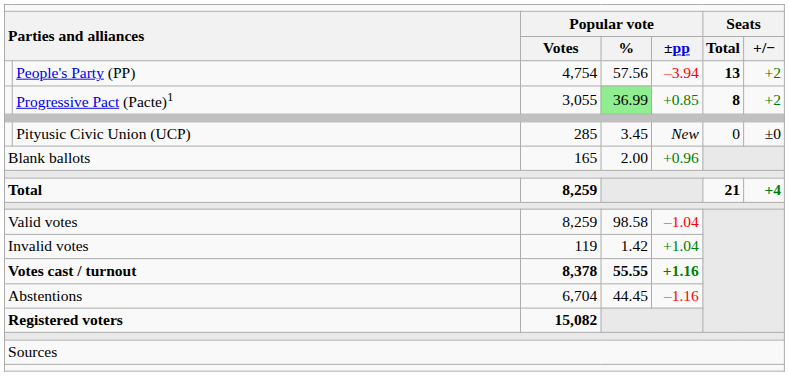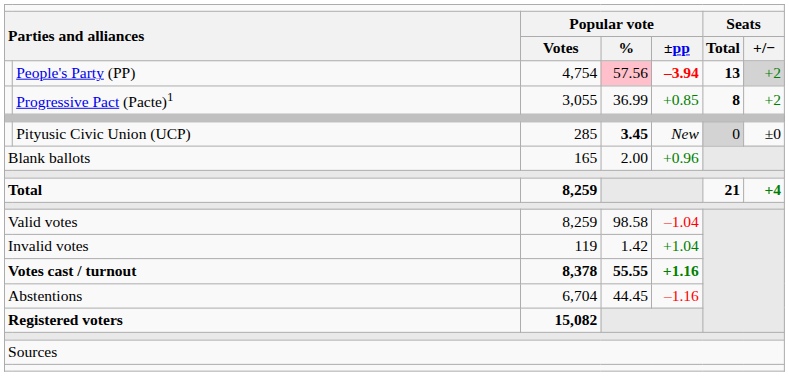 <table class="wikitable" style="text-align:right;">
 <tr>
 <td colspan="7"></td>
 </tr>
 <tr>
 <th style="text-align:left;" rowspan="2" colspan="2" width="525">Parties and alliances</th>
 <th colspan="3">Popular vote</th>
 <th colspan="2">Seats</th>
 </tr>
 <tr>
 <th width="75">Votes</th>
 <th width="45">%</th>
 <th width="45">±<a href='#'>pp</a></th>
 <th width="35">Total</th>
 <th width="35">+/−</th>
 </tr>
 <tr>
 <td width="1" style="color:inherit;background:"></td>
 <td align="left"><a href='#'>People's Party</a> (PP)</td>
 <td>4,754</td>
-<td>57.56</td>
-<td style="color:red;">–3.94</td>
+<td style="background: pink;">57.56</td>
+<td style="color:red;"><strong>–3.94</strong></td>
 <td><strong>13</strong></td>
-<td style="color:green;">+2</td>
+<td style="background: lightgrey; color:green;">+2</td>
 </tr>
 <tr>
 <td style="color:inherit;background:"></td>
 <td align="left"><a href='#'>Progressive Pact</a> (Pacte)<sup>1</sup></td>
 <td>3,055</td>
-<td style="background: lightgreen;">36.99</td>
+<td>36.99</td>
 <td style="color:green;">+0.85</td>
 <td><strong>8</strong></td>
 <td style="color:green;">+2</td>
 </tr>
 <tr>
 <td colspan="7" bgcolor="#C0C0C0"></td>
 </tr>
 <tr>
 <td style="color:inherit;background:"></td>
 <td align="left">Pityusic Civic Union (UCP)</td>
 <td>285</td>
-<td>3.45</td>
+<td><strong>3.45</strong></td>
 <td><em>New</em></td>
-<td>0</td>
+<td style="background: lightgrey;">0</td>
 <td>±0</td>
 </tr>
 <tr>
 <td align="left" colspan="2">Blank ballots</td>
 <td>165</td>
 <td>2.00</td>
 <td style="color:green;">+0.96</td>
 <td bgcolor="#E9E9E9" colspan="2"></td>
 </tr>
 <tr>
 <td colspan="7" bgcolor="#E9E9E9"></td>
 </tr>
 <tr style="font-weight:bold;">
 <td align="left" colspan="2">Total</td>
 <td>8,259</td>
 <td bgcolor="#E9E9E9" colspan="2"></td>
 <td>21</td>
 <td style="color:green;">+4</td>
 </tr>
 <tr>
 <td colspan="7" bgcolor="#E9E9E9"></td>
 </tr>
 <tr>
 <td align="left" colspan="2">Valid votes</td>
 <td>8,259</td>
 <td>98.58</td>
 <td style="color:red;">–1.04</td>
 <td bgcolor="#E9E9E9" colspan="2" rowspan="5"></td>
 </tr>
 <tr>
 <td align="left" colspan="2">Invalid votes</td>
 <td>119</td>
 <td>1.42</td>
 <td style="color:green;">+1.04</td>
 </tr>
 <tr style="font-weight:bold;">
 <td align="left" colspan="2">Votes cast / turnout</td>
 <td>8,378</td>
 <td>55.55</td>
 <td style="color:green;">+1.16</td>
 </tr>
 <tr>
 <td align="left" colspan="2">Abstentions</td>
 <td>6,704</td>
 <td>44.45</td>
 <td style="color:red;">–1.16</td>
 </tr>
 <tr style="font-weight:bold;">
 <td align="left" colspan="2">Registered voters</td>
 <td>15,082</td>
 <td bgcolor="#E9E9E9" colspan="2"></td>
 </tr>
 <tr>
 <td colspan="7" bgcolor="#E9E9E9"></td>
 </tr>
 <tr>
 <td align="left" colspan="7">Sources</td>
 </tr>
 <tr>
 <td colspan="7" style="text-align:left; max-width:790px;"></td>
 </tr>
 </table>
